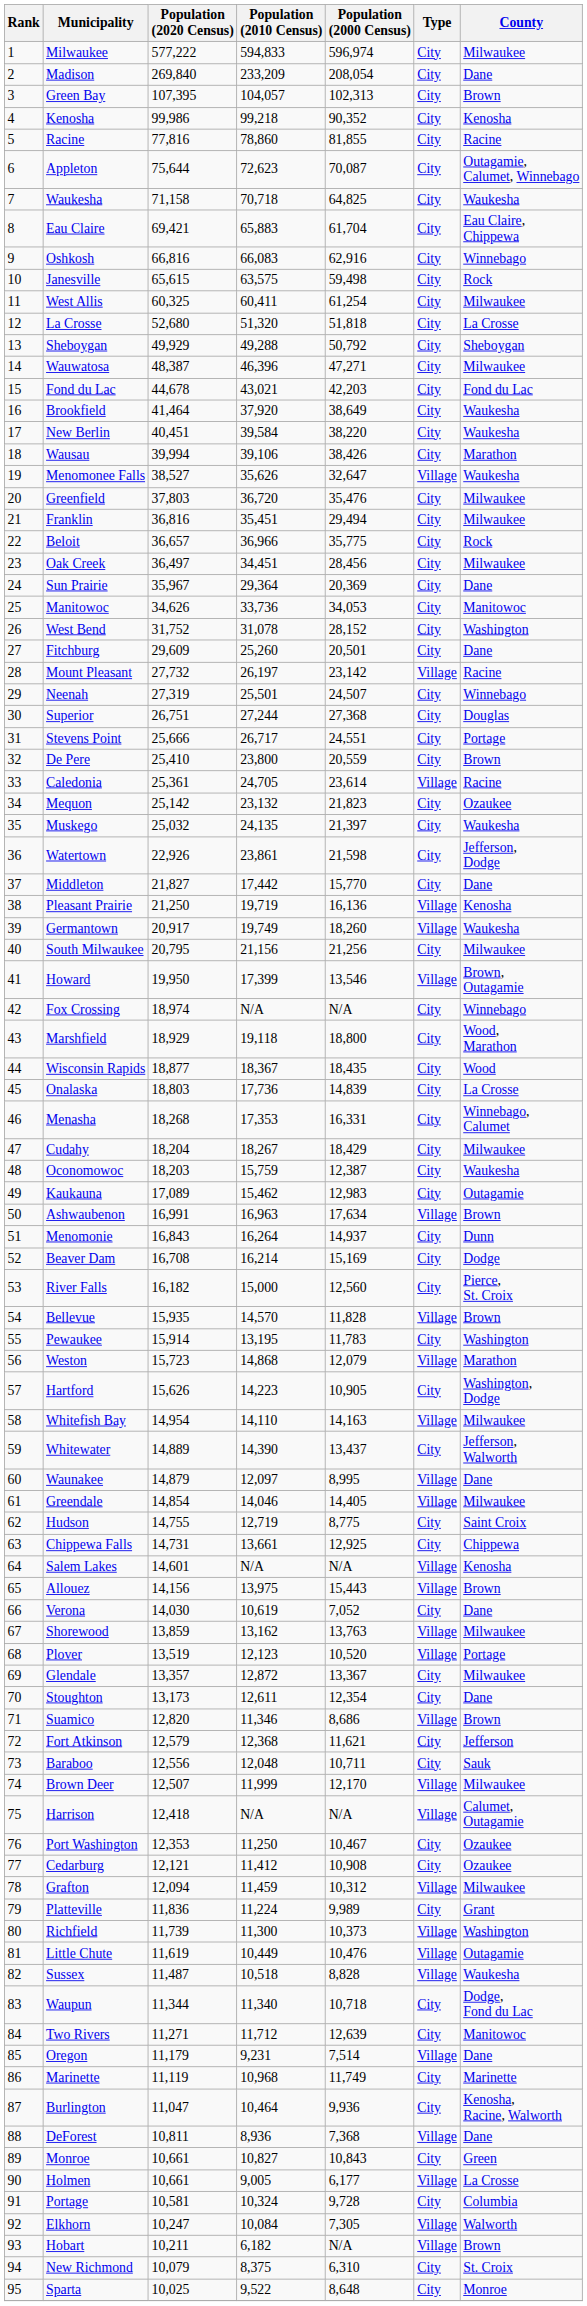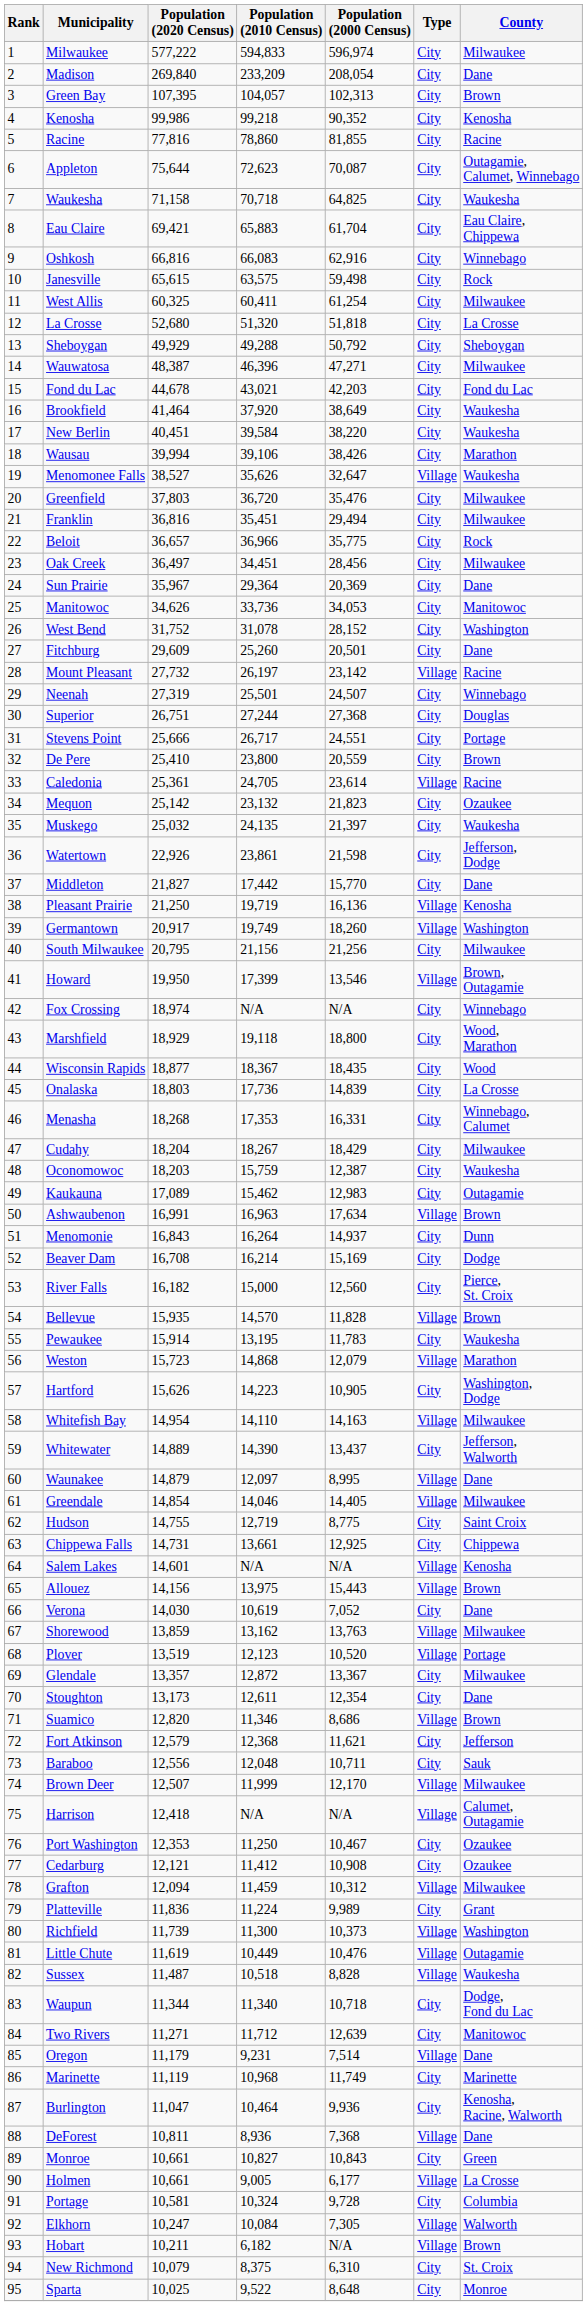 <table class="wikitable sortable">
 <tr>
 <th>Rank</th>
 <th>Municipality</th>
 <th>Population<br>(2020 Census)</th>
 <th>Population<br>(2010 Census)</th>
 <th>Population<br>(2000 Census)</th>
 <th>Type</th>
 <th><a href='#'>County</a></th>
 </tr>
 <tr>
 <td>1</td>
 <td><a href='#'>Milwaukee</a></td>
 <td>577,222</td>
 <td>594,833</td>
 <td>596,974</td>
 <td><a href='#'>City</a></td>
 <td><a href='#'>Milwaukee</a></td>
 </tr>
 <tr>
 <td>2</td>
 <td><a href='#'>Madison</a></td>
 <td>269,840</td>
 <td>233,209</td>
 <td>208,054</td>
 <td><a href='#'>City</a></td>
 <td><a href='#'>Dane</a></td>
 </tr>
 <tr>
 <td>3</td>
 <td><a href='#'>Green Bay</a></td>
 <td>107,395</td>
 <td>104,057</td>
 <td>102,313</td>
 <td><a href='#'>City</a></td>
 <td><a href='#'>Brown</a></td>
 </tr>
 <tr>
 <td>4</td>
 <td><a href='#'>Kenosha</a></td>
 <td>99,986</td>
 <td>99,218</td>
 <td>90,352</td>
 <td><a href='#'>City</a></td>
 <td><a href='#'>Kenosha</a></td>
 </tr>
 <tr>
 <td>5</td>
 <td><a href='#'>Racine</a></td>
 <td>77,816</td>
 <td>78,860</td>
 <td>81,855</td>
 <td><a href='#'>City</a></td>
 <td><a href='#'>Racine</a></td>
 </tr>
 <tr>
 <td>6</td>
 <td><a href='#'>Appleton</a></td>
 <td>75,644</td>
 <td>72,623</td>
 <td>70,087</td>
 <td><a href='#'>City</a></td>
 <td><a href='#'>Outagamie</a>,<br><a href='#'>Calumet</a>,  <a href='#'>Winnebago</a></td>
 </tr>
 <tr>
 <td>7</td>
 <td><a href='#'>Waukesha</a></td>
 <td>71,158</td>
 <td>70,718</td>
 <td>64,825</td>
 <td><a href='#'>City</a></td>
 <td><a href='#'>Waukesha</a></td>
 </tr>
 <tr>
 <td>8</td>
 <td><a href='#'>Eau Claire</a></td>
 <td>69,421</td>
 <td>65,883</td>
 <td>61,704</td>
 <td><a href='#'>City</a></td>
 <td><a href='#'>Eau Claire</a>,<br><a href='#'>Chippewa</a></td>
 </tr>
 <tr>
 <td>9</td>
 <td><a href='#'>Oshkosh</a></td>
 <td>66,816</td>
 <td>66,083</td>
 <td>62,916</td>
 <td><a href='#'>City</a></td>
 <td><a href='#'>Winnebago</a></td>
 </tr>
 <tr>
 <td>10</td>
 <td><a href='#'>Janesville</a></td>
 <td>65,615</td>
 <td>63,575</td>
 <td>59,498</td>
 <td><a href='#'>City</a></td>
 <td><a href='#'>Rock</a></td>
 </tr>
 <tr>
 <td>11</td>
 <td><a href='#'>West Allis</a></td>
 <td>60,325</td>
 <td>60,411</td>
 <td>61,254</td>
 <td><a href='#'>City</a></td>
 <td><a href='#'>Milwaukee</a></td>
 </tr>
 <tr>
 <td>12</td>
 <td><a href='#'>La Crosse</a></td>
 <td>52,680</td>
 <td>51,320</td>
 <td>51,818</td>
 <td><a href='#'>City</a></td>
 <td><a href='#'>La Crosse</a></td>
 </tr>
 <tr>
 <td>13</td>
 <td><a href='#'>Sheboygan</a></td>
 <td>49,929</td>
 <td>49,288</td>
 <td>50,792</td>
 <td><a href='#'>City</a></td>
 <td><a href='#'>Sheboygan</a></td>
 </tr>
 <tr>
 <td>14</td>
 <td><a href='#'>Wauwatosa</a></td>
 <td>48,387</td>
 <td>46,396</td>
 <td>47,271</td>
 <td><a href='#'>City</a></td>
 <td><a href='#'>Milwaukee</a></td>
 </tr>
 <tr>
 <td>15</td>
 <td><a href='#'>Fond du Lac</a></td>
 <td>44,678</td>
 <td>43,021</td>
 <td>42,203</td>
 <td><a href='#'>City</a></td>
 <td><a href='#'>Fond du Lac</a></td>
 </tr>
 <tr>
 <td>16</td>
 <td><a href='#'>Brookfield</a></td>
 <td>41,464</td>
 <td>37,920</td>
 <td>38,649</td>
 <td><a href='#'>City</a></td>
 <td><a href='#'>Waukesha</a></td>
 </tr>
 <tr>
 <td>17</td>
 <td><a href='#'>New Berlin</a></td>
 <td>40,451</td>
 <td>39,584</td>
 <td>38,220</td>
 <td><a href='#'>City</a></td>
 <td><a href='#'>Waukesha</a></td>
 </tr>
 <tr>
 <td>18</td>
 <td><a href='#'>Wausau</a></td>
 <td>39,994</td>
 <td>39,106</td>
 <td>38,426</td>
 <td><a href='#'>City</a></td>
 <td><a href='#'>Marathon</a></td>
 </tr>
 <tr>
 <td>19</td>
 <td><a href='#'>Menomonee Falls</a></td>
 <td>38,527</td>
 <td>35,626</td>
 <td>32,647</td>
 <td><a href='#'>Village</a></td>
 <td><a href='#'>Waukesha</a></td>
 </tr>
 <tr>
 <td>20</td>
 <td><a href='#'>Greenfield</a></td>
 <td>37,803</td>
 <td>36,720</td>
 <td>35,476</td>
 <td><a href='#'>City</a></td>
 <td><a href='#'>Milwaukee</a></td>
 </tr>
 <tr>
 <td>21</td>
 <td><a href='#'>Franklin</a></td>
 <td>36,816</td>
 <td>35,451</td>
 <td>29,494</td>
 <td><a href='#'>City</a></td>
 <td><a href='#'>Milwaukee</a></td>
 </tr>
 <tr>
 <td>22</td>
 <td><a href='#'>Beloit</a></td>
 <td>36,657</td>
 <td>36,966</td>
 <td>35,775</td>
 <td><a href='#'>City</a></td>
 <td><a href='#'>Rock</a></td>
 </tr>
 <tr>
 <td>23</td>
 <td><a href='#'>Oak Creek</a></td>
 <td>36,497</td>
 <td>34,451</td>
 <td>28,456</td>
 <td><a href='#'>City</a></td>
 <td><a href='#'>Milwaukee</a></td>
 </tr>
 <tr>
 <td>24</td>
 <td><a href='#'>Sun Prairie</a></td>
 <td>35,967</td>
 <td>29,364</td>
 <td>20,369</td>
 <td><a href='#'>City</a></td>
 <td><a href='#'>Dane</a></td>
 </tr>
 <tr>
 <td>25</td>
 <td><a href='#'>Manitowoc</a></td>
 <td>34,626</td>
 <td>33,736</td>
 <td>34,053</td>
 <td><a href='#'>City</a></td>
 <td><a href='#'>Manitowoc</a></td>
 </tr>
 <tr>
 <td>26</td>
 <td><a href='#'>West Bend</a></td>
 <td>31,752</td>
 <td>31,078</td>
 <td>28,152</td>
 <td><a href='#'>City</a></td>
 <td><a href='#'>Washington</a></td>
 </tr>
 <tr>
 <td>27</td>
 <td><a href='#'>Fitchburg</a></td>
 <td>29,609</td>
 <td>25,260</td>
 <td>20,501</td>
 <td><a href='#'>City</a></td>
 <td><a href='#'>Dane</a></td>
 </tr>
 <tr>
 <td>28</td>
 <td><a href='#'>Mount Pleasant</a></td>
 <td>27,732</td>
 <td>26,197</td>
 <td>23,142</td>
 <td><a href='#'>Village</a></td>
 <td><a href='#'>Racine</a></td>
 </tr>
 <tr>
 <td>29</td>
 <td><a href='#'>Neenah</a></td>
 <td>27,319</td>
 <td>25,501</td>
 <td>24,507</td>
 <td><a href='#'>City</a></td>
 <td><a href='#'>Winnebago</a></td>
 </tr>
 <tr>
 <td>30</td>
 <td><a href='#'>Superior</a></td>
 <td>26,751</td>
 <td>27,244</td>
 <td>27,368</td>
 <td><a href='#'>City</a></td>
 <td><a href='#'>Douglas</a></td>
 </tr>
 <tr>
 <td>31</td>
 <td><a href='#'>Stevens Point</a></td>
 <td>25,666</td>
 <td>26,717</td>
 <td>24,551</td>
 <td><a href='#'>City</a></td>
 <td><a href='#'>Portage</a></td>
 </tr>
 <tr>
 <td>32</td>
 <td><a href='#'>De Pere</a></td>
 <td>25,410</td>
 <td>23,800</td>
 <td>20,559</td>
 <td><a href='#'>City</a></td>
 <td><a href='#'>Brown</a></td>
 </tr>
 <tr>
 <td>33</td>
 <td><a href='#'>Caledonia</a></td>
 <td>25,361</td>
 <td>24,705</td>
 <td>23,614</td>
 <td><a href='#'>Village</a></td>
 <td><a href='#'>Racine</a></td>
 </tr>
 <tr>
 <td>34</td>
 <td><a href='#'>Mequon</a></td>
 <td>25,142</td>
 <td>23,132</td>
 <td>21,823</td>
 <td><a href='#'>City</a></td>
 <td><a href='#'>Ozaukee</a></td>
 </tr>
 <tr>
 <td>35</td>
 <td><a href='#'>Muskego</a></td>
 <td>25,032</td>
 <td>24,135</td>
 <td>21,397</td>
 <td><a href='#'>City</a></td>
 <td><a href='#'>Waukesha</a></td>
 </tr>
 <tr>
 <td>36</td>
 <td><a href='#'>Watertown</a></td>
 <td>22,926</td>
 <td>23,861</td>
 <td>21,598</td>
 <td><a href='#'>City</a></td>
 <td><a href='#'>Jefferson</a>,<br><a href='#'>Dodge</a></td>
 </tr>
 <tr>
 <td>37</td>
 <td><a href='#'>Middleton</a></td>
 <td>21,827</td>
 <td>17,442</td>
 <td>15,770</td>
 <td><a href='#'>City</a></td>
 <td><a href='#'>Dane</a></td>
 </tr>
 <tr>
 <td>38</td>
 <td><a href='#'>Pleasant Prairie</a></td>
 <td>21,250</td>
 <td>19,719</td>
 <td>16,136</td>
 <td><a href='#'>Village</a></td>
 <td><a href='#'>Kenosha</a></td>
 </tr>
 <tr>
 <td>39</td>
 <td><a href='#'>Germantown</a></td>
 <td>20,917</td>
 <td>19,749</td>
 <td>18,260</td>
 <td><a href='#'>Village</a></td>
-<td><a href='#'>Waukesha</a></td>
+<td><a href='#'>Washington</a></td>
 </tr>
 <tr>
 <td>40</td>
 <td><a href='#'>South Milwaukee</a></td>
 <td>20,795</td>
 <td>21,156</td>
 <td>21,256</td>
 <td><a href='#'>City</a></td>
 <td><a href='#'>Milwaukee</a></td>
 </tr>
 <tr>
 <td>41</td>
 <td><a href='#'>Howard</a></td>
 <td>19,950</td>
 <td>17,399</td>
 <td>13,546</td>
 <td><a href='#'>Village</a></td>
 <td><a href='#'>Brown</a>,<br><a href='#'>Outagamie</a></td>
 </tr>
 <tr>
 <td>42</td>
 <td><a href='#'>Fox Crossing</a></td>
 <td>18,974</td>
 <td>N/A</td>
 <td>N/A</td>
 <td><a href='#'>City</a></td>
 <td><a href='#'>Winnebago</a></td>
 </tr>
 <tr>
 <td>43</td>
 <td><a href='#'>Marshfield</a></td>
 <td>18,929</td>
 <td>19,118</td>
 <td>18,800</td>
 <td><a href='#'>City</a></td>
 <td><a href='#'>Wood</a>,<br><a href='#'>Marathon</a></td>
 </tr>
 <tr>
 <td>44</td>
 <td><a href='#'>Wisconsin Rapids</a></td>
 <td>18,877</td>
 <td>18,367</td>
 <td>18,435</td>
 <td><a href='#'>City</a></td>
 <td><a href='#'>Wood</a></td>
 </tr>
 <tr>
 <td>45</td>
 <td><a href='#'>Onalaska</a></td>
 <td>18,803</td>
 <td>17,736</td>
 <td>14,839</td>
 <td><a href='#'>City</a></td>
 <td><a href='#'>La Crosse</a></td>
 </tr>
 <tr>
 <td>46</td>
 <td><a href='#'>Menasha</a></td>
 <td>18,268</td>
 <td>17,353</td>
 <td>16,331</td>
 <td><a href='#'>City</a></td>
 <td><a href='#'>Winnebago</a>,<br><a href='#'>Calumet</a></td>
 </tr>
 <tr>
 <td>47</td>
 <td><a href='#'>Cudahy</a></td>
 <td>18,204</td>
 <td>18,267</td>
 <td>18,429</td>
 <td><a href='#'>City</a></td>
 <td><a href='#'>Milwaukee</a></td>
 </tr>
 <tr>
 <td>48</td>
 <td><a href='#'>Oconomowoc</a></td>
 <td>18,203</td>
 <td>15,759</td>
 <td>12,387</td>
 <td><a href='#'>City</a></td>
 <td><a href='#'>Waukesha</a></td>
 </tr>
 <tr>
 <td>49</td>
 <td><a href='#'>Kaukauna</a></td>
 <td>17,089</td>
 <td>15,462</td>
 <td>12,983</td>
 <td><a href='#'>City</a></td>
 <td><a href='#'>Outagamie</a></td>
 </tr>
 <tr>
 <td>50</td>
 <td><a href='#'>Ashwaubenon</a></td>
 <td>16,991</td>
 <td>16,963</td>
 <td>17,634</td>
 <td><a href='#'>Village</a></td>
 <td><a href='#'>Brown</a></td>
 </tr>
 <tr>
 <td>51</td>
 <td><a href='#'>Menomonie</a></td>
 <td>16,843</td>
 <td>16,264</td>
 <td>14,937</td>
 <td><a href='#'>City</a></td>
 <td><a href='#'>Dunn</a></td>
 </tr>
 <tr>
 <td>52</td>
 <td><a href='#'>Beaver Dam</a></td>
 <td>16,708</td>
 <td>16,214</td>
 <td>15,169</td>
 <td><a href='#'>City</a></td>
 <td><a href='#'>Dodge</a></td>
 </tr>
 <tr>
 <td>53</td>
 <td><a href='#'>River Falls</a></td>
 <td>16,182</td>
 <td>15,000</td>
 <td>12,560</td>
 <td><a href='#'>City</a></td>
 <td><a href='#'>Pierce</a>,<br><a href='#'>St. Croix</a></td>
 </tr>
 <tr>
 <td>54</td>
 <td><a href='#'>Bellevue</a></td>
 <td>15,935</td>
 <td>14,570</td>
 <td>11,828</td>
 <td><a href='#'>Village</a></td>
 <td><a href='#'>Brown</a></td>
 </tr>
 <tr>
 <td>55</td>
 <td><a href='#'>Pewaukee</a></td>
 <td>15,914</td>
 <td>13,195</td>
 <td>11,783</td>
 <td><a href='#'>City</a></td>
-<td><a href='#'>Washington</a></td>
+<td><a href='#'>Waukesha</a></td>
 </tr>
 <tr>
 <td>56</td>
 <td><a href='#'>Weston</a></td>
 <td>15,723</td>
 <td>14,868</td>
 <td>12,079</td>
 <td><a href='#'>Village</a></td>
 <td><a href='#'>Marathon</a></td>
 </tr>
 <tr>
 <td>57</td>
 <td><a href='#'>Hartford</a></td>
 <td>15,626</td>
 <td>14,223</td>
 <td>10,905</td>
 <td><a href='#'>City</a></td>
 <td><a href='#'>Washington</a>,<br><a href='#'>Dodge</a></td>
 </tr>
 <tr>
 <td>58</td>
 <td><a href='#'>Whitefish Bay</a></td>
 <td>14,954</td>
 <td>14,110</td>
 <td>14,163</td>
 <td><a href='#'>Village</a></td>
 <td><a href='#'>Milwaukee</a></td>
 </tr>
 <tr>
 <td>59</td>
 <td><a href='#'>Whitewater</a></td>
 <td>14,889</td>
 <td>14,390</td>
 <td>13,437</td>
 <td><a href='#'>City</a></td>
 <td><a href='#'>Jefferson</a>,<br><a href='#'>Walworth</a></td>
 </tr>
 <tr>
 <td>60</td>
 <td><a href='#'>Waunakee</a></td>
 <td>14,879</td>
 <td>12,097</td>
 <td>8,995</td>
 <td><a href='#'>Village</a></td>
 <td><a href='#'>Dane</a></td>
 </tr>
 <tr>
 <td>61</td>
 <td><a href='#'>Greendale</a></td>
 <td>14,854</td>
 <td>14,046</td>
 <td>14,405</td>
 <td><a href='#'>Village</a></td>
 <td><a href='#'>Milwaukee</a></td>
 </tr>
 <tr>
 <td>62</td>
 <td><a href='#'>Hudson</a></td>
 <td>14,755</td>
 <td>12,719</td>
 <td>8,775</td>
 <td><a href='#'>City</a></td>
 <td><a href='#'>Saint Croix</a></td>
 </tr>
 <tr>
 <td>63</td>
 <td><a href='#'>Chippewa Falls</a></td>
 <td>14,731</td>
 <td>13,661</td>
 <td>12,925</td>
 <td><a href='#'>City</a></td>
 <td><a href='#'>Chippewa</a></td>
 </tr>
 <tr>
 <td>64</td>
 <td><a href='#'>Salem Lakes</a></td>
 <td>14,601</td>
 <td>N/A</td>
 <td>N/A</td>
 <td><a href='#'>Village</a></td>
 <td><a href='#'>Kenosha</a></td>
 </tr>
 <tr>
 <td>65</td>
 <td><a href='#'>Allouez</a></td>
 <td>14,156</td>
 <td>13,975</td>
 <td>15,443</td>
 <td><a href='#'>Village</a></td>
 <td><a href='#'>Brown</a></td>
 </tr>
 <tr>
 <td>66</td>
 <td><a href='#'>Verona</a></td>
 <td>14,030</td>
 <td>10,619</td>
 <td>7,052</td>
 <td><a href='#'>City</a></td>
 <td><a href='#'>Dane</a></td>
 </tr>
 <tr>
 <td>67</td>
 <td><a href='#'>Shorewood</a></td>
 <td>13,859</td>
 <td>13,162</td>
 <td>13,763</td>
 <td><a href='#'>Village</a></td>
 <td><a href='#'>Milwaukee</a></td>
 </tr>
 <tr>
 <td>68</td>
 <td><a href='#'>Plover</a></td>
 <td>13,519</td>
 <td>12,123</td>
 <td>10,520</td>
 <td><a href='#'>Village</a></td>
 <td><a href='#'>Portage</a></td>
 </tr>
 <tr>
 <td>69</td>
 <td><a href='#'>Glendale</a></td>
 <td>13,357</td>
 <td>12,872</td>
 <td>13,367</td>
 <td><a href='#'>City</a></td>
 <td><a href='#'>Milwaukee</a></td>
 </tr>
 <tr>
 <td>70</td>
 <td><a href='#'>Stoughton</a></td>
 <td>13,173</td>
 <td>12,611</td>
 <td>12,354</td>
 <td><a href='#'>City</a></td>
 <td><a href='#'>Dane</a></td>
 </tr>
 <tr>
 <td>71</td>
 <td><a href='#'>Suamico</a></td>
 <td>12,820</td>
 <td>11,346</td>
 <td>8,686</td>
 <td><a href='#'>Village</a></td>
 <td><a href='#'>Brown</a></td>
 </tr>
 <tr>
 <td>72</td>
 <td><a href='#'>Fort Atkinson</a></td>
 <td>12,579</td>
 <td>12,368</td>
 <td>11,621</td>
 <td><a href='#'>City</a></td>
 <td><a href='#'>Jefferson</a></td>
 </tr>
 <tr>
 <td>73</td>
 <td><a href='#'>Baraboo</a></td>
 <td>12,556</td>
 <td>12,048</td>
 <td>10,711</td>
 <td><a href='#'>City</a></td>
 <td><a href='#'>Sauk</a></td>
 </tr>
 <tr>
 <td>74</td>
 <td><a href='#'>Brown Deer</a></td>
 <td>12,507</td>
 <td>11,999</td>
 <td>12,170</td>
 <td><a href='#'>Village</a></td>
 <td><a href='#'>Milwaukee</a></td>
 </tr>
 <tr>
 <td>75</td>
 <td><a href='#'>Harrison</a></td>
 <td>12,418</td>
 <td>N/A</td>
 <td>N/A</td>
 <td><a href='#'>Village</a></td>
 <td><a href='#'>Calumet</a>,<br><a href='#'>Outagamie</a></td>
 </tr>
 <tr>
 <td>76</td>
 <td><a href='#'>Port Washington</a></td>
 <td>12,353</td>
 <td>11,250</td>
 <td>10,467</td>
 <td><a href='#'>City</a></td>
 <td><a href='#'>Ozaukee</a></td>
 </tr>
 <tr>
 <td>77</td>
 <td><a href='#'>Cedarburg</a></td>
 <td>12,121</td>
 <td>11,412</td>
 <td>10,908</td>
 <td><a href='#'>City</a></td>
 <td><a href='#'>Ozaukee</a></td>
 </tr>
 <tr>
 <td>78</td>
 <td><a href='#'>Grafton</a></td>
 <td>12,094</td>
 <td>11,459</td>
 <td>10,312</td>
 <td><a href='#'>Village</a></td>
 <td><a href='#'>Milwaukee</a></td>
 </tr>
 <tr>
 <td>79</td>
 <td><a href='#'>Platteville</a></td>
 <td>11,836</td>
 <td>11,224</td>
 <td>9,989</td>
 <td><a href='#'>City</a></td>
 <td><a href='#'>Grant</a></td>
 </tr>
 <tr>
 <td>80</td>
 <td><a href='#'>Richfield</a></td>
 <td>11,739</td>
 <td>11,300</td>
 <td>10,373</td>
 <td><a href='#'>Village</a></td>
 <td><a href='#'>Washington</a></td>
 </tr>
 <tr>
 <td>81</td>
 <td><a href='#'>Little Chute</a></td>
 <td>11,619</td>
 <td>10,449</td>
 <td>10,476</td>
 <td><a href='#'>Village</a></td>
 <td><a href='#'>Outagamie</a></td>
 </tr>
 <tr>
 <td>82</td>
 <td><a href='#'>Sussex</a></td>
 <td>11,487</td>
 <td>10,518</td>
 <td>8,828</td>
 <td><a href='#'>Village</a></td>
 <td><a href='#'>Waukesha</a></td>
 </tr>
 <tr>
 <td>83</td>
 <td><a href='#'>Waupun</a></td>
 <td>11,344</td>
 <td>11,340</td>
 <td>10,718</td>
 <td><a href='#'>City</a></td>
 <td><a href='#'>Dodge</a>,<br><a href='#'>Fond du Lac</a></td>
 </tr>
 <tr>
 <td>84</td>
 <td><a href='#'>Two Rivers</a></td>
 <td>11,271</td>
 <td>11,712</td>
 <td>12,639</td>
 <td><a href='#'>City</a></td>
 <td><a href='#'>Manitowoc</a></td>
 </tr>
 <tr>
 <td>85</td>
 <td><a href='#'>Oregon</a></td>
 <td>11,179</td>
 <td>9,231</td>
 <td>7,514</td>
 <td><a href='#'>Village</a></td>
 <td><a href='#'>Dane</a></td>
 </tr>
 <tr>
 <td>86</td>
 <td><a href='#'>Marinette</a></td>
 <td>11,119</td>
 <td>10,968</td>
 <td>11,749</td>
 <td><a href='#'>City</a></td>
 <td><a href='#'>Marinette</a></td>
 </tr>
 <tr>
 <td>87</td>
 <td><a href='#'>Burlington</a></td>
 <td>11,047</td>
 <td>10,464</td>
 <td>9,936</td>
 <td><a href='#'>City</a></td>
 <td><a href='#'>Kenosha</a>,<br> <a href='#'>Racine</a>, <a href='#'>Walworth</a></td>
 </tr>
 <tr>
 <td>88</td>
 <td><a href='#'>DeForest</a></td>
 <td>10,811</td>
 <td>8,936</td>
 <td>7,368</td>
 <td><a href='#'>Village</a></td>
 <td><a href='#'>Dane</a></td>
 </tr>
 <tr>
 <td>89</td>
 <td><a href='#'>Monroe</a></td>
 <td>10,661</td>
 <td>10,827</td>
 <td>10,843</td>
 <td><a href='#'>City</a></td>
 <td><a href='#'>Green</a></td>
 </tr>
 <tr>
 <td>90</td>
 <td><a href='#'>Holmen</a></td>
 <td>10,661</td>
 <td>9,005</td>
 <td>6,177</td>
 <td><a href='#'>Village</a></td>
 <td><a href='#'>La Crosse</a></td>
 </tr>
 <tr>
 <td>91</td>
 <td><a href='#'>Portage</a></td>
 <td>10,581</td>
 <td>10,324</td>
 <td>9,728</td>
 <td><a href='#'>City</a></td>
 <td><a href='#'>Columbia</a></td>
 </tr>
 <tr>
 <td>92</td>
 <td><a href='#'>Elkhorn</a></td>
 <td>10,247</td>
 <td>10,084</td>
 <td>7,305</td>
 <td><a href='#'>Village</a></td>
 <td><a href='#'>Walworth</a></td>
 </tr>
 <tr>
 <td>93</td>
 <td><a href='#'>Hobart</a></td>
 <td>10,211</td>
 <td>6,182</td>
 <td>N/A</td>
 <td><a href='#'>Village</a></td>
 <td><a href='#'>Brown</a></td>
 </tr>
 <tr>
 <td>94</td>
 <td><a href='#'>New Richmond</a></td>
 <td>10,079</td>
 <td>8,375</td>
 <td>6,310</td>
 <td><a href='#'>City</a></td>
 <td><a href='#'>St. Croix</a></td>
 </tr>
 <tr>
 <td>95</td>
 <td><a href='#'>Sparta</a></td>
 <td>10,025</td>
 <td>9,522</td>
 <td>8,648</td>
 <td><a href='#'>City</a></td>
 <td><a href='#'>Monroe</a></td>
 </tr>
 <tr>
 </tr>
 </table>
